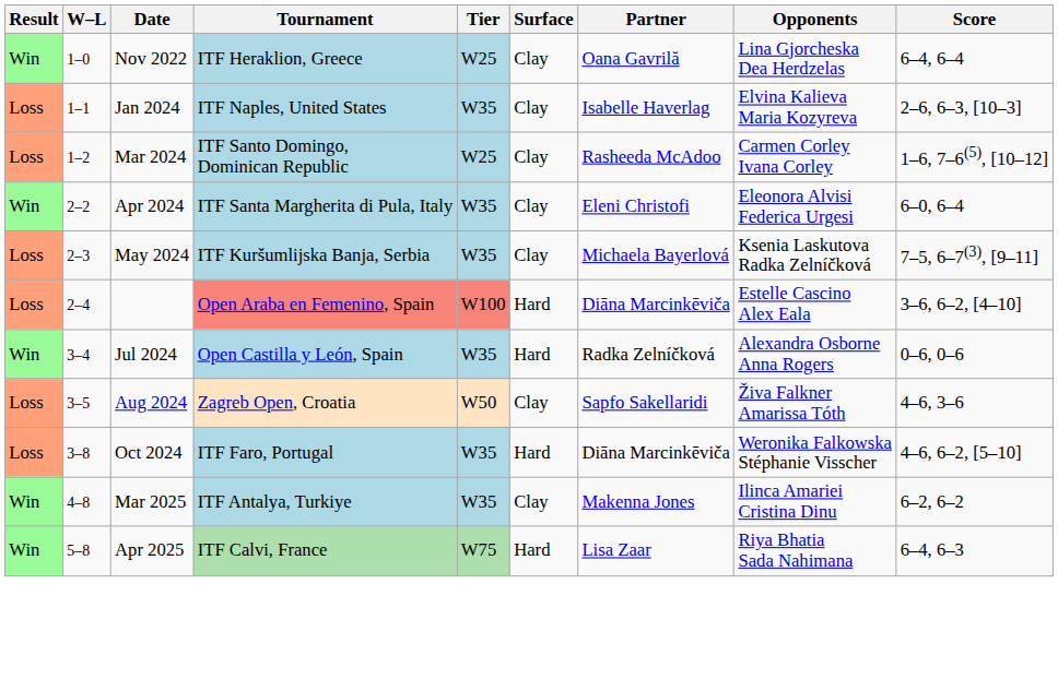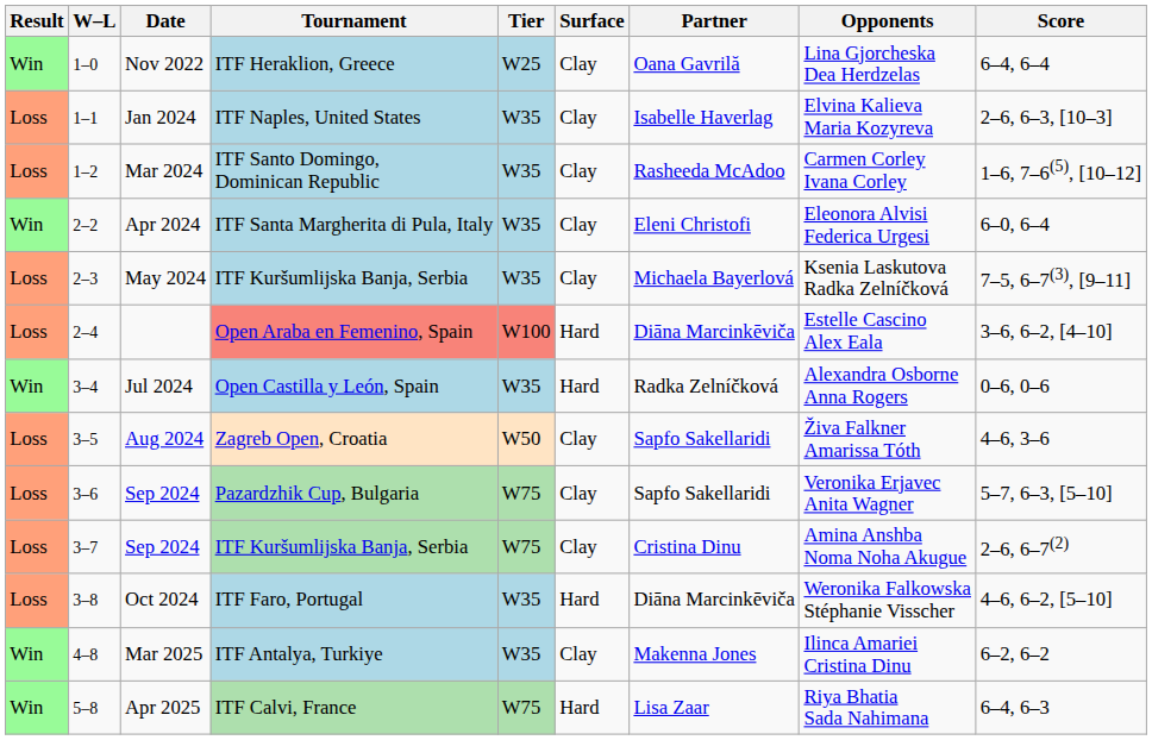 <table class="sortable wikitable">
 <tr>
 <th>Result</th>
 <th class="unsortable">W–L</th>
 <th>Date</th>
 <th>Tournament</th>
 <th>Tier</th>
 <th>Surface</th>
 <th>Partner</th>
 <th>Opponents</th>
 <th class="unsortable">Score</th>
 </tr>
 <tr>
 <td style="background:#98fb98;">Win</td>
 <td><small>1–0</small></td>
 <td dts>Nov 2022</td>
 <td style="background:lightblue;">ITF Heraklion, Greece</td>
 <td style="background:lightblue;">W25</td>
 <td>Clay</td>
 <td> <a href='#'>Oana Gavrilă</a></td>
 <td> <a href='#'>Lina Gjorcheska</a> <br>  <a href='#'>Dea Herdzelas</a></td>
 <td>6–4, 6–4</td>
 </tr>
 <tr>
 <td style="background:#ffa07a;">Loss</td>
 <td><small>1–1</small></td>
 <td>Jan 2024</td>
 <td style="background:lightblue;">ITF Naples, United States</td>
 <td style="background:lightblue;">W35</td>
 <td>Clay</td>
 <td> <a href='#'>Isabelle Haverlag</a></td>
 <td> <a href='#'>Elvina Kalieva</a> <br>  <a href='#'>Maria Kozyreva</a></td>
 <td>2–6, 6–3, [10–3]</td>
 </tr>
 <tr>
 <td style="background:#ffa07a;">Loss</td>
 <td><small>1–2</small></td>
 <td>Mar 2024</td>
 <td style="background:lightblue;">ITF Santo Domingo, <br>Dominican Republic</td>
-<td style="background:lightblue;">W25</td>
+<td style="background:lightblue;">W35</td>
 <td>Clay</td>
 <td> <a href='#'>Rasheeda McAdoo</a></td>
 <td> <a href='#'>Carmen Corley</a> <br>  <a href='#'>Ivana Corley</a></td>
 <td>1–6, 7–6<sup>(5)</sup>, [10–12]</td>
 </tr>
 <tr>
 <td style="background:#98fb98;">Win</td>
 <td><small>2–2</small></td>
 <td>Apr 2024</td>
 <td style="background:lightblue;">ITF Santa Margherita di Pula, Italy</td>
 <td style="background:lightblue;">W35</td>
 <td>Clay</td>
 <td> <a href='#'>Eleni Christofi</a></td>
 <td> <a href='#'>Eleonora Alvisi</a> <br>  <a href='#'>Federica Urgesi</a></td>
 <td>6–0, 6–4</td>
 </tr>
 <tr>
 <td style="background:#ffa07a;">Loss</td>
 <td><small>2–3</small></td>
 <td>May 2024</td>
 <td style="background:lightblue;">ITF Kuršumlijska Banja, Serbia</td>
 <td style="background:lightblue;">W35</td>
 <td>Clay</td>
 <td> <a href='#'>Michaela Bayerlová</a></td>
 <td> Ksenia Laskutova <br>  Radka Zelníčková</td>
 <td>7–5, 6–7<sup>(3)</sup>, [9–11]</td>
 </tr>
 <tr>
 <td style="background:#ffa07a;">Loss</td>
 <td><small>2–4</small></td>
 <td><a href='#'></a></td>
 <td style="background:#f88379;"><a href='#'>Open Araba en Femenino</a>, Spain</td>
 <td style="background:#f88379;">W100</td>
 <td>Hard</td>
 <td> <a href='#'>Diāna Marcinkēviča</a></td>
 <td> <a href='#'>Estelle Cascino</a> <br>  <a href='#'>Alex Eala</a></td>
 <td>3–6, 6–2, [4–10]</td>
 </tr>
 <tr>
 <td style="background:#98fb98;">Win</td>
 <td><small>3–4</small></td>
 <td>Jul 2024</td>
 <td style="background:lightblue;"><a href='#'>Open Castilla y León</a>, Spain</td>
 <td style="background:lightblue;">W35</td>
 <td>Hard</td>
 <td> Radka Zelníčková</td>
 <td> <a href='#'>Alexandra Osborne</a><br>  <a href='#'>Anna Rogers</a></td>
 <td>0–6, 0–6</td>
 </tr>
 <tr>
 <td style="background:#ffa07a;">Loss</td>
 <td><small>3–5</small></td>
 <td><a href='#'>Aug 2024</a></td>
 <td style="background:#ffe4c4;"><a href='#'>Zagreb Open</a>, Croatia</td>
 <td style="background:#ffe4c4;">W50</td>
 <td>Clay</td>
 <td> <a href='#'>Sapfo Sakellaridi</a></td>
 <td> <a href='#'>Živa Falkner</a> <br>  <a href='#'>Amarissa Tóth</a></td>
 <td>4–6, 3–6</td>
 </tr>
 <tr>
 <td style="background:#ffa07a;">Loss</td>
+<td><small>3–6</small></td>
+<td><a href='#'>Sep 2024</a></td>
+<td style="background:#addfad;"><a href='#'>Pazardzhik Cup</a>, Bulgaria</td>
+<td style="background:#addfad;">W75</td>
+<td>Clay</td>
+<td> Sapfo Sakellaridi</td>
+<td> <a href='#'>Veronika Erjavec</a> <br>  <a href='#'>Anita Wagner</a></td>
+<td>5–7, 6–3, [5–10]</td>
+</tr>
+<tr>
+<td style="background:#ffa07a;">Loss</td>
+<td><small>3–7</small></td>
+<td><a href='#'>Sep 2024</a></td>
+<td style="background:#addfad;"><a href='#'>ITF Kuršumlijska Banja</a>, Serbia</td>
+<td style="background:#addfad;">W75</td>
+<td>Clay</td>
+<td> <a href='#'>Cristina Dinu</a></td>
+<td> <a href='#'>Amina Anshba</a> <br>  <a href='#'>Noma Noha Akugue</a></td>
+<td>2–6, 6–7<sup>(2)</sup></td>
+</tr>
+<tr>
+<td style="background:#ffa07a;">Loss</td>
 <td><small>3–8</small></td>
 <td>Oct 2024</td>
 <td style="background:lightblue;">ITF Faro, Portugal</td>
 <td style="background:lightblue;">W35</td>
 <td>Hard</td>
 <td> Diāna Marcinkēviča</td>
 <td> <a href='#'>Weronika Falkowska</a> <br>  Stéphanie Visscher</td>
 <td>4–6, 6–2, [5–10]</td>
 </tr>
 <tr>
 <td style="background:#98fb98;">Win</td>
 <td><small>4–8</small></td>
 <td>Mar 2025</td>
 <td style="background:lightblue;">ITF Antalya, Turkiye</td>
 <td style="background:lightblue;">W35</td>
 <td>Clay</td>
 <td> <a href='#'>Makenna Jones</a></td>
 <td> <a href='#'>Ilinca Amariei</a><br>  <a href='#'>Cristina Dinu</a></td>
 <td>6–2, 6–2</td>
 </tr>
 <tr>
 <td style="background:#98fb98;">Win</td>
 <td><small>5–8</small></td>
 <td>Apr 2025</td>
 <td style="background:#addfad;">ITF Calvi, France</td>
 <td style="background:#addfad;">W75</td>
 <td>Hard</td>
 <td> <a href='#'>Lisa Zaar</a></td>
 <td> <a href='#'>Riya Bhatia</a> <br>  <a href='#'>Sada Nahimana</a></td>
 <td>6–4, 6–3</td>
 </tr>
 </table>
